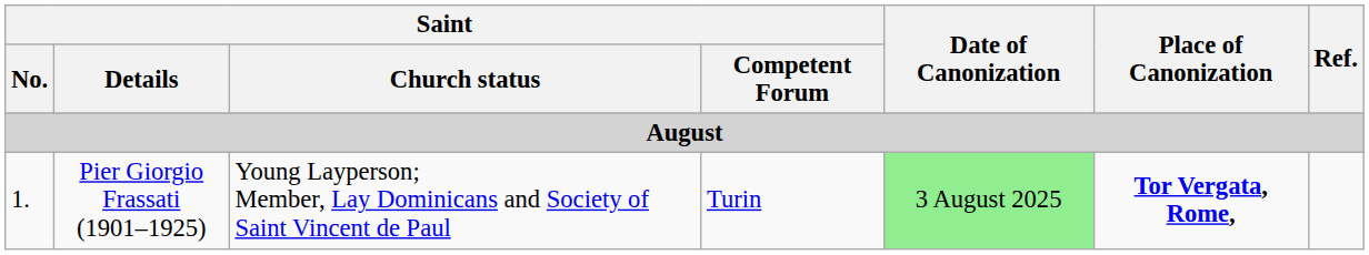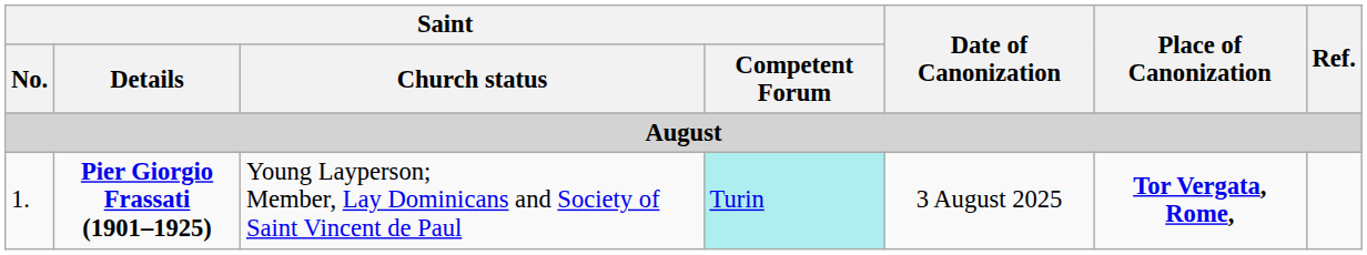 <table class="wikitable">
 <tr>
 <th colspan=4>Saint</th>
 <th rowspan=2>Date of Canonization</th>
 <th rowspan=2>Place of Canonization</th>
 <th rowspan=2>Ref.</th>
 </tr>
 <tr>
 <th>No.</th>
 <th>Details</th>
 <th>Church status</th>
 <th>Competent Forum</th>
 </tr>
 <tr id="August">
 <td colspan="7" align=center style="background:lightgray;white-space:nowrap"><strong>August</strong></td>
 </tr>
 <tr>
 <td>1.</td>
-<td align="center"><a href='#'>Pier Giorgio Frassati</a><br>(1901–1925)</td>
+<td align="center"><strong><a href='#'>Pier Giorgio Frassati</a><br>(1901–1925)</strong></td>
 <td>Young Layperson; <br>Member, <a href='#'>Lay Dominicans</a> and <a href='#'>Society of Saint Vincent de Paul</a></td>
-<td><a href='#'>Turin</a></td>
-<td align="center" style="background: lightgreen;">3 August 2025</td>
+<td style="background: paleturquoise;"><a href='#'>Turin</a></td>
+<td align="center">3 August 2025</td>
 <td align="center"><strong><a href='#'>Tor Vergata</a>, <a href='#'>Rome</a>, </strong></td>
 <td></td>
 </tr>
 </table>
